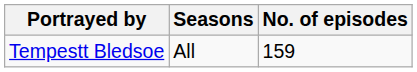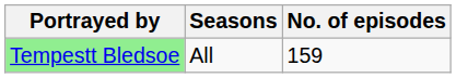 <table class="wikitable" style="text-align:justify;">
 <tr>
 <th>Portrayed by</th>
 <th>Seasons</th>
 <th>No. of episodes</th>
 </tr>
 <tr>
-<td><a href='#'>Tempestt Bledsoe</a></td>
+<td style="background: lightgreen;"><a href='#'>Tempestt Bledsoe</a></td>
 <td>All</td>
 <td>159</td>
 </tr>
 </table>
